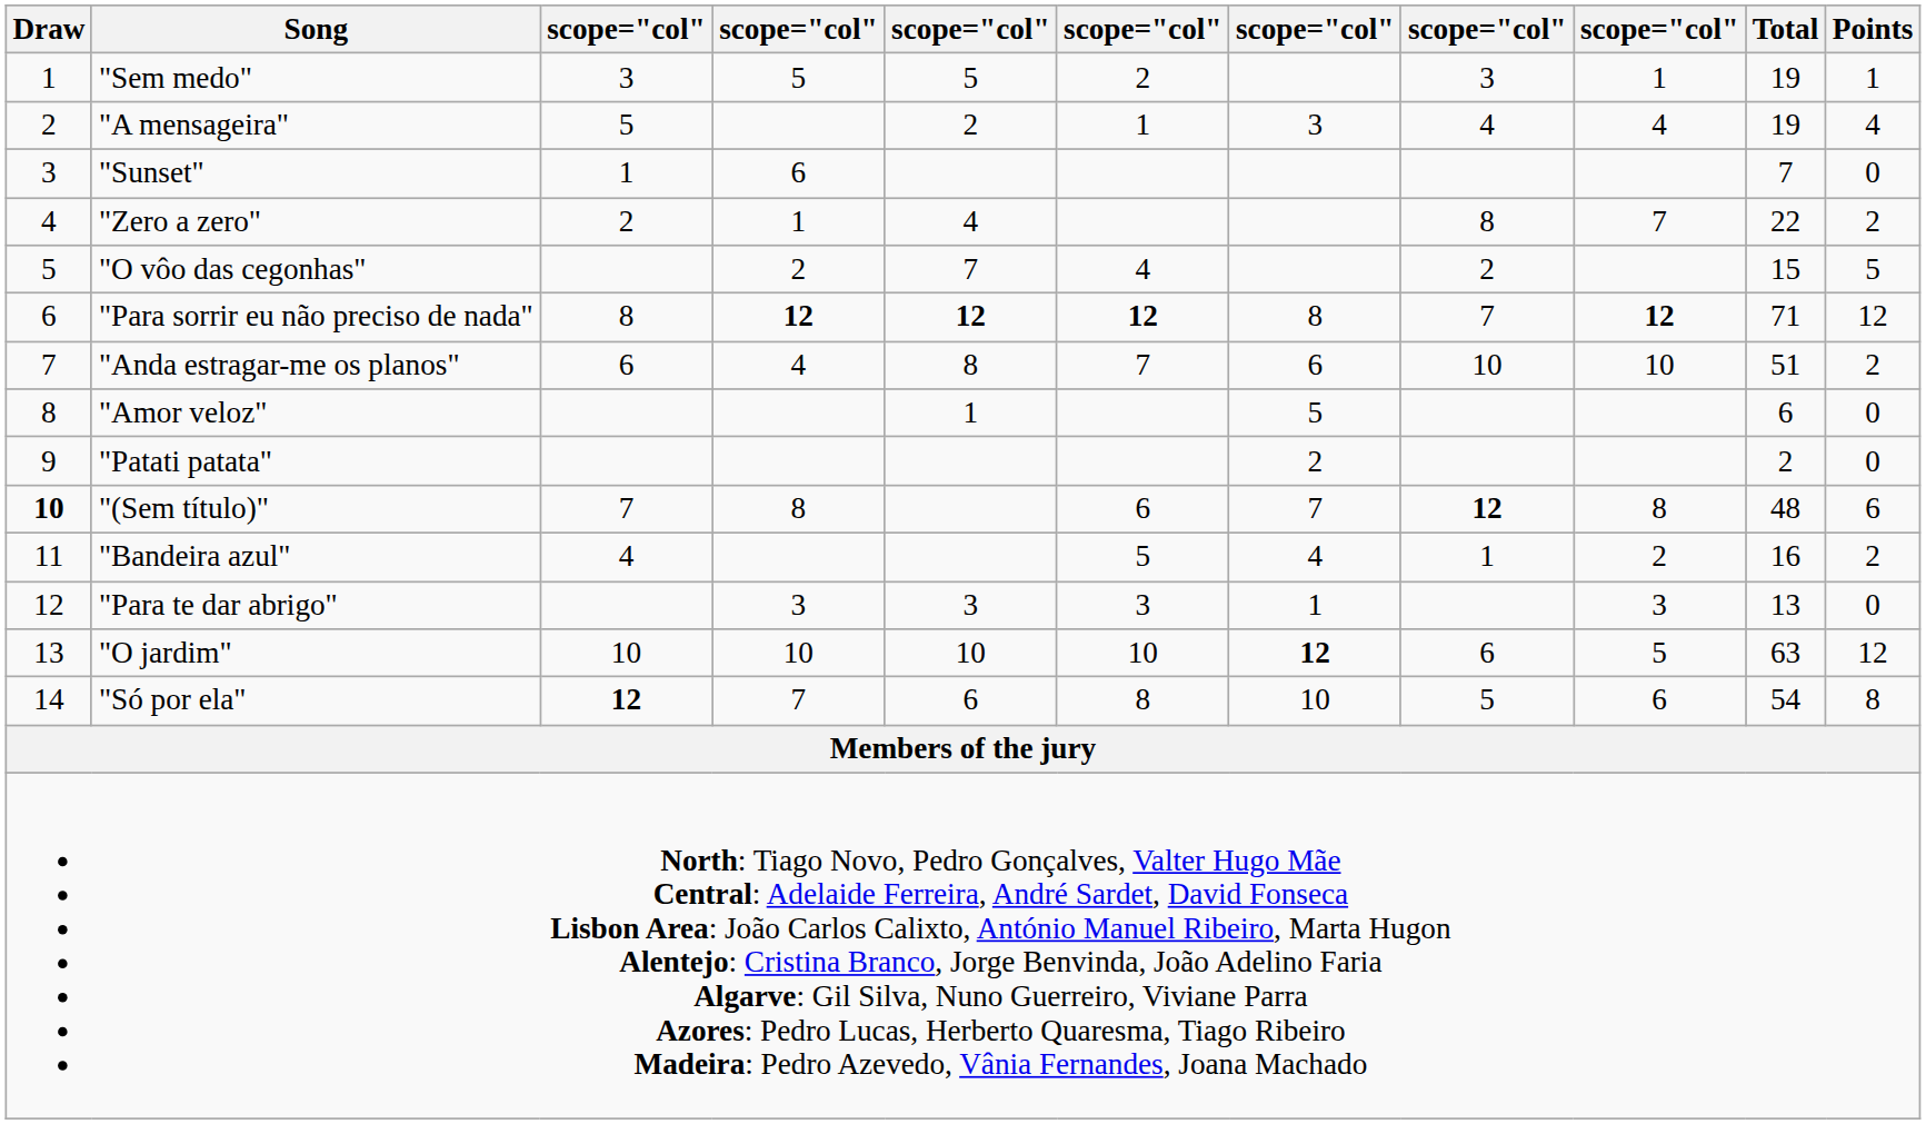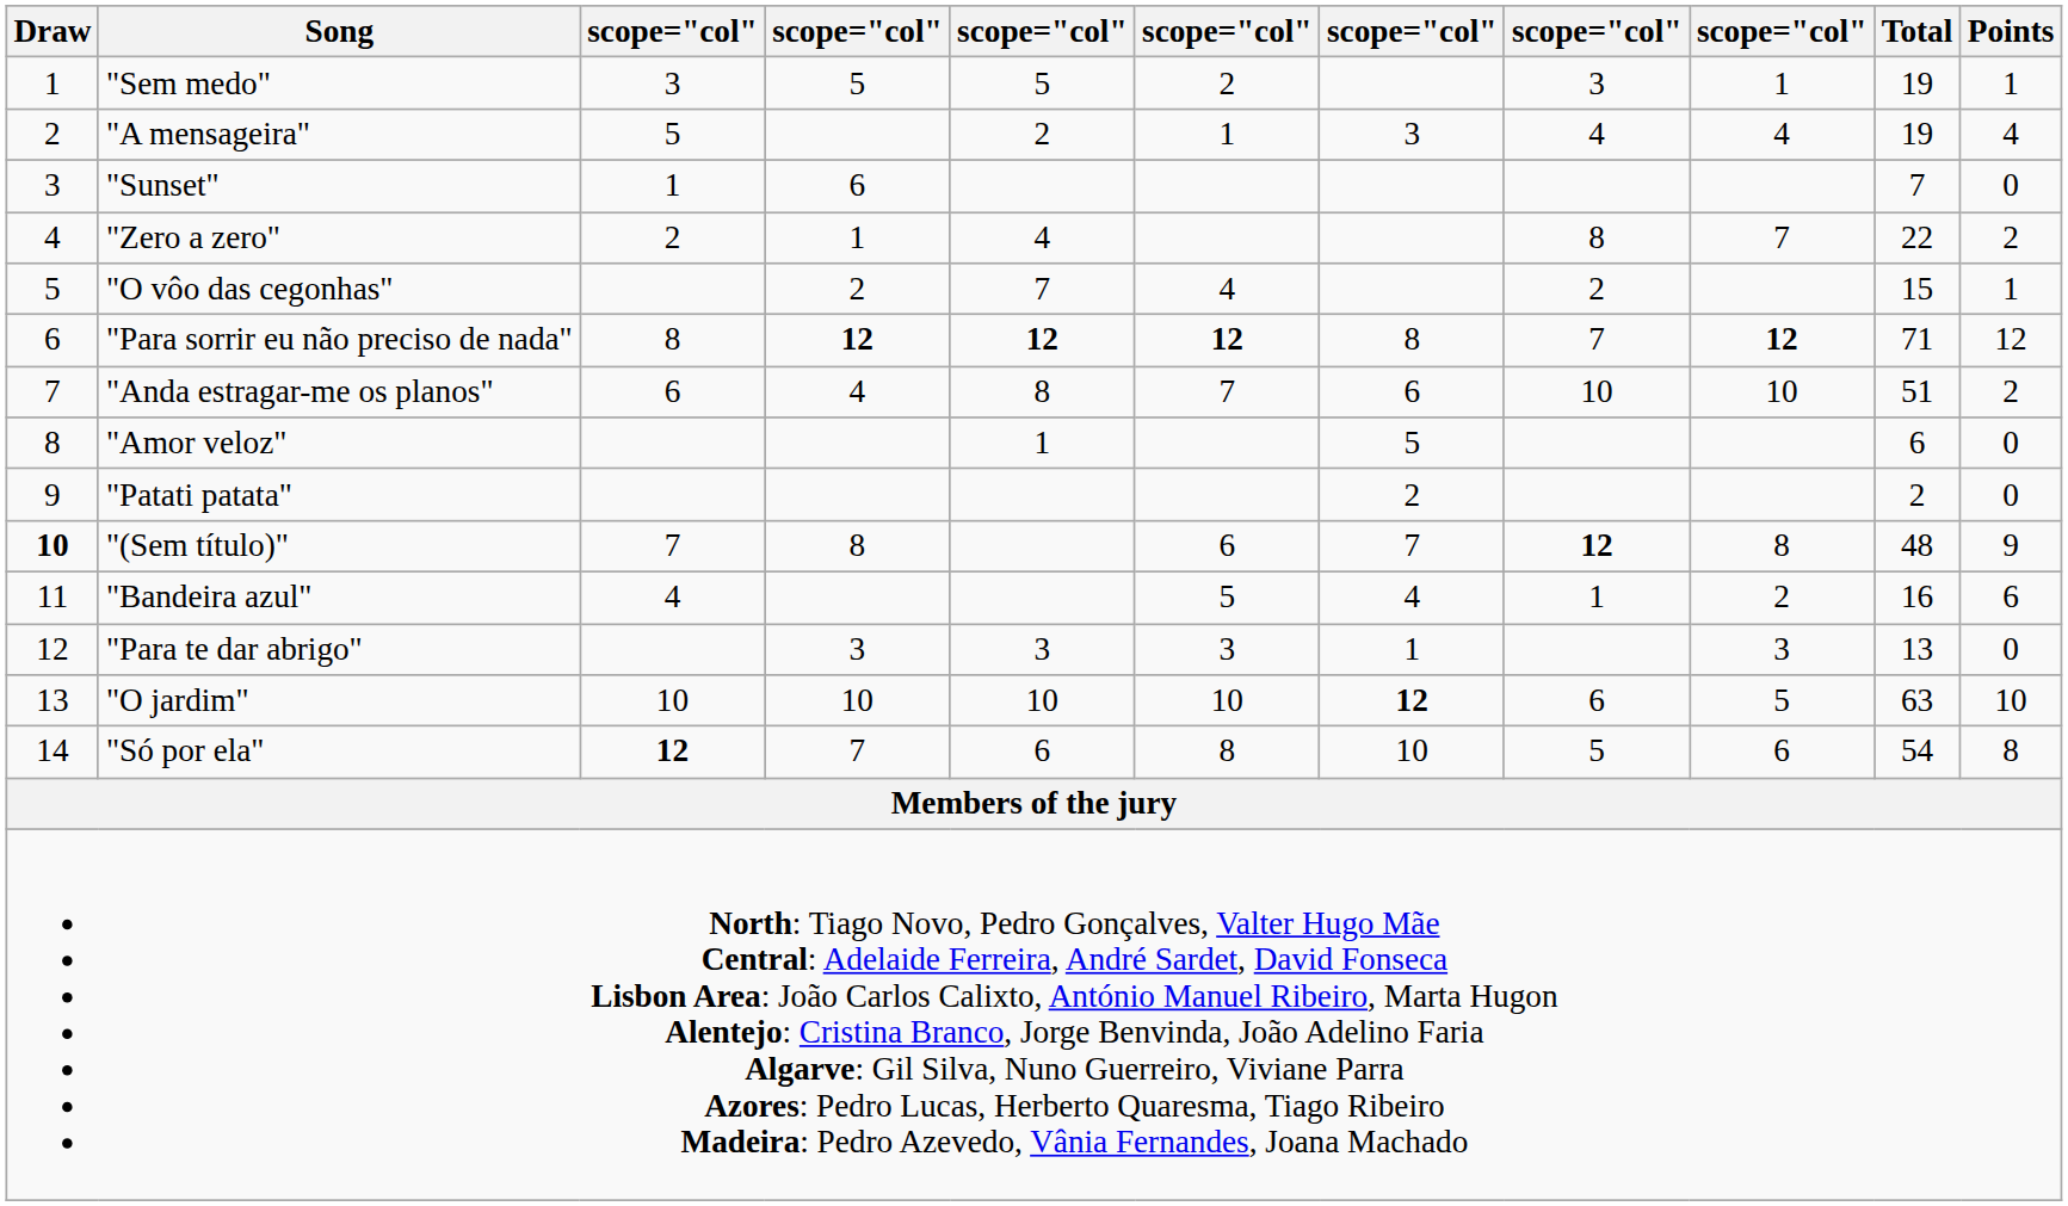 <table class="wikitable collapsible" style="margin: 1em auto 1em auto; text-align:center;">
 <tr>
 <th>Draw</th>
 <th>Song</th>
 <th>scope="col" </th>
 <th>scope="col" </th>
 <th>scope="col" </th>
 <th>scope="col" </th>
 <th>scope="col" </th>
 <th>scope="col" </th>
 <th>scope="col" </th>
 <th>Total</th>
 <th>Points</th>
 </tr>
 <tr>
 <td>1</td>
 <td align="left">"Sem medo"</td>
 <td>3</td>
 <td>5</td>
 <td>5</td>
 <td>2</td>
 <td></td>
 <td>3</td>
 <td>1</td>
 <td>19</td>
 <td>1</td>
 </tr>
 <tr>
 <td>2</td>
 <td align="left">"A mensageira"</td>
 <td>5</td>
 <td></td>
 <td>2</td>
 <td>1</td>
 <td>3</td>
 <td>4</td>
 <td>4</td>
 <td>19</td>
 <td>4</td>
 </tr>
 <tr>
 <td>3</td>
 <td align="left">"Sunset"</td>
 <td>1</td>
 <td>6</td>
 <td></td>
 <td></td>
 <td></td>
 <td></td>
 <td></td>
 <td>7</td>
 <td>0</td>
 </tr>
 <tr>
 <td>4</td>
 <td align="left">"Zero a zero"</td>
 <td>2</td>
 <td>1</td>
 <td>4</td>
 <td></td>
 <td></td>
 <td>8</td>
 <td>7</td>
 <td>22</td>
 <td>2</td>
 </tr>
 <tr>
 <td>5</td>
 <td align="left">"O vôo das cegonhas"</td>
 <td></td>
 <td>2</td>
 <td>7</td>
 <td>4</td>
 <td></td>
 <td>2</td>
 <td></td>
 <td>15</td>
-<td>5</td>
+<td>1</td>
 </tr>
 <tr>
 <td>6</td>
 <td align="left">"Para sorrir eu não preciso de nada"</td>
 <td>8</td>
 <td><strong>12</strong></td>
 <td><strong>12</strong></td>
 <td><strong>12</strong></td>
 <td>8</td>
 <td>7</td>
 <td><strong>12</strong></td>
 <td>71</td>
 <td>12</td>
 </tr>
 <tr>
 <td>7</td>
 <td align="left">"Anda estragar-me os planos"</td>
 <td>6</td>
 <td>4</td>
 <td>8</td>
 <td>7</td>
 <td>6</td>
 <td>10</td>
 <td>10</td>
 <td>51</td>
 <td>2</td>
 </tr>
 <tr>
 <td>8</td>
 <td align="left">"Amor veloz"</td>
 <td></td>
 <td></td>
 <td>1</td>
 <td></td>
 <td>5</td>
 <td></td>
 <td></td>
 <td>6</td>
 <td>0</td>
 </tr>
 <tr>
 <td>9</td>
 <td align="left">"Patati patata"</td>
 <td></td>
 <td></td>
 <td></td>
 <td></td>
 <td>2</td>
 <td></td>
 <td></td>
 <td>2</td>
 <td>0</td>
 </tr>
 <tr>
 <td><strong>10</strong></td>
 <td align="left">"(Sem título)"</td>
 <td>7</td>
 <td>8</td>
 <td></td>
 <td>6</td>
 <td>7</td>
 <td><strong>12</strong></td>
 <td>8</td>
 <td>48</td>
-<td>6</td>
+<td>9</td>
 </tr>
 <tr>
 <td>11</td>
 <td align="left">"Bandeira azul"</td>
 <td>4</td>
 <td></td>
 <td></td>
 <td>5</td>
 <td>4</td>
 <td>1</td>
 <td>2</td>
 <td>16</td>
-<td>2</td>
+<td>6</td>
 </tr>
 <tr>
 <td>12</td>
 <td align="left">"Para te dar abrigo"</td>
 <td></td>
 <td>3</td>
 <td>3</td>
 <td>3</td>
 <td>1</td>
 <td></td>
 <td>3</td>
 <td>13</td>
 <td>0</td>
 </tr>
 <tr>
 <td>13</td>
 <td align="left">"O jardim"</td>
 <td>10</td>
 <td>10</td>
 <td>10</td>
 <td>10</td>
 <td><strong>12</strong></td>
 <td>6</td>
 <td>5</td>
 <td>63</td>
-<td>12</td>
+<td>10</td>
 </tr>
 <tr>
 <td>14</td>
 <td align="left">"Só por ela"</td>
 <td><strong>12</strong></td>
 <td>7</td>
 <td>6</td>
 <td>8</td>
 <td>10</td>
 <td>5</td>
 <td>6</td>
 <td>54</td>
 <td>8</td>
 </tr>
 <tr>
 <th colspan="11">Members of the jury</th>
 </tr>
 <tr>
 <td colspan="11"><br><ul><li><strong>North</strong>: Tiago Novo, Pedro Gonçalves, <a href='#'>Valter Hugo Mãe</a></li><li><strong>Central</strong>: <a href='#'>Adelaide Ferreira</a>, <a href='#'>André Sardet</a>, <a href='#'>David Fonseca</a></li><li><strong>Lisbon Area</strong>: João Carlos Calixto, <a href='#'>António Manuel Ribeiro</a>, Marta Hugon</li><li><strong>Alentejo</strong>: <a href='#'>Cristina Branco</a>, Jorge Benvinda, João Adelino Faria</li><li><strong>Algarve</strong>: Gil Silva, Nuno Guerreiro, Viviane Parra</li><li><strong>Azores</strong>: Pedro Lucas, Herberto Quaresma, Tiago Ribeiro</li><li><strong>Madeira</strong>: Pedro Azevedo, <a href='#'>Vânia Fernandes</a>, Joana Machado</li></ul></td>
 </tr>
 </table>
